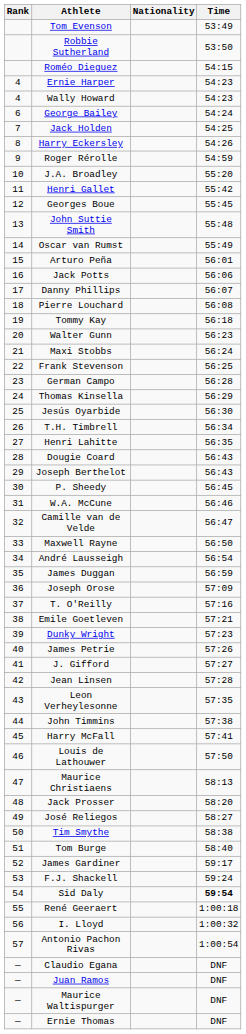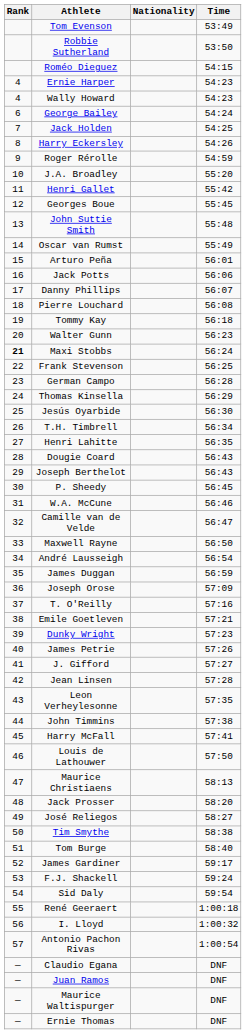 <table class="wikitable sortable" style=" text-align:center; font-size:95%;" width="50%">
 <tr>
 <th>Rank</th>
 <th>Athlete</th>
 <th>Nationality</th>
 <th>Time</th>
 </tr>
 <tr>
 <td align=center></td>
 <td><a href='#'>Tom Evenson</a></td>
 <td></td>
 <td>53:49</td>
 </tr>
 <tr>
 <td align=center></td>
 <td><a href='#'>Robbie Sutherland</a></td>
 <td></td>
 <td>53:50</td>
 </tr>
 <tr>
 <td align=center></td>
 <td><a href='#'>Roméo Dieguez</a></td>
 <td></td>
 <td>54:15</td>
 </tr>
 <tr>
 <td align=center>4</td>
 <td><a href='#'>Ernie Harper</a></td>
 <td></td>
 <td>54:23</td>
 </tr>
 <tr>
 <td align=center>4</td>
 <td>Wally Howard</td>
 <td></td>
 <td>54:23</td>
 </tr>
 <tr>
 <td align=center>6</td>
 <td><a href='#'>George Bailey</a></td>
 <td></td>
 <td>54:24</td>
 </tr>
 <tr>
 <td align=center>7</td>
 <td><a href='#'>Jack Holden</a></td>
 <td></td>
 <td>54:25</td>
 </tr>
 <tr>
 <td align=center>8</td>
 <td><a href='#'>Harry Eckersley</a></td>
 <td></td>
 <td>54:26</td>
 </tr>
 <tr>
 <td align=center>9</td>
 <td>Roger Rérolle</td>
 <td></td>
 <td>54:59</td>
 </tr>
 <tr>
 <td align=center>10</td>
 <td>J.A. Broadley</td>
 <td></td>
 <td>55:20</td>
 </tr>
 <tr>
 <td align=center>11</td>
 <td><a href='#'>Henri Gallet</a></td>
 <td></td>
 <td>55:42</td>
 </tr>
 <tr>
 <td align=center>12</td>
 <td>Georges Boue</td>
 <td></td>
 <td>55:45</td>
 </tr>
 <tr>
 <td align=center>13</td>
 <td><a href='#'>John Suttie Smith</a></td>
 <td></td>
 <td>55:48</td>
 </tr>
 <tr>
 <td align=center>14</td>
 <td>Oscar van Rumst</td>
 <td></td>
 <td>55:49</td>
 </tr>
 <tr>
 <td align=center>15</td>
 <td>Arturo Peña</td>
 <td></td>
 <td>56:01</td>
 </tr>
 <tr>
 <td align=center>16</td>
 <td>Jack Potts</td>
 <td></td>
 <td>56:06</td>
 </tr>
 <tr>
 <td align=center>17</td>
 <td>Danny Phillips</td>
 <td></td>
 <td>56:07</td>
 </tr>
 <tr>
 <td align=center>18</td>
 <td>Pierre Louchard</td>
 <td></td>
 <td>56:08</td>
 </tr>
 <tr>
 <td align=center>19</td>
 <td>Tommy Kay</td>
 <td></td>
 <td>56:18</td>
 </tr>
 <tr>
 <td align=center>20</td>
 <td>Walter Gunn</td>
 <td></td>
 <td>56:23</td>
 </tr>
 <tr>
-<td align=center>21</td>
+<td align=center><strong>21</strong></td>
 <td>Maxi Stobbs</td>
 <td></td>
 <td>56:24</td>
 </tr>
 <tr>
 <td align=center>22</td>
 <td>Frank Stevenson</td>
 <td></td>
 <td>56:25</td>
 </tr>
 <tr>
 <td align=center>23</td>
 <td>German Campo</td>
 <td></td>
 <td>56:28</td>
 </tr>
 <tr>
 <td align=center>24</td>
 <td>Thomas Kinsella</td>
 <td></td>
 <td>56:29</td>
 </tr>
 <tr>
 <td align=center>25</td>
 <td>Jesús Oyarbide</td>
 <td></td>
 <td>56:30</td>
 </tr>
 <tr>
 <td align=center>26</td>
 <td>T.H. Timbrell</td>
 <td></td>
 <td>56:34</td>
 </tr>
 <tr>
 <td align=center>27</td>
 <td>Henri Lahitte</td>
 <td></td>
 <td>56:35</td>
 </tr>
 <tr>
 <td align=center>28</td>
 <td>Dougie Coard</td>
 <td></td>
 <td>56:43</td>
 </tr>
 <tr>
 <td align=center>29</td>
 <td>Joseph Berthelot</td>
 <td></td>
 <td>56:43</td>
 </tr>
 <tr>
 <td align=center>30</td>
 <td>P. Sheedy</td>
 <td></td>
 <td>56:45</td>
 </tr>
 <tr>
 <td align=center>31</td>
 <td>W.A. McCune</td>
 <td></td>
 <td>56:46</td>
 </tr>
 <tr>
 <td align=center>32</td>
 <td>Camille van de Velde</td>
 <td></td>
 <td>56:47</td>
 </tr>
 <tr>
 <td align=center>33</td>
 <td>Maxwell Rayne</td>
 <td></td>
 <td>56:50</td>
 </tr>
 <tr>
 <td align=center>34</td>
 <td>André Lausseigh</td>
 <td></td>
 <td>56:54</td>
 </tr>
 <tr>
 <td align=center>35</td>
 <td>James Duggan</td>
 <td></td>
 <td>56:59</td>
 </tr>
 <tr>
 <td align=center>36</td>
 <td>Joseph Orose</td>
 <td></td>
 <td>57:09</td>
 </tr>
 <tr>
 <td align=center>37</td>
 <td>T. O'Reilly</td>
 <td></td>
 <td>57:16</td>
 </tr>
 <tr>
 <td align=center>38</td>
 <td>Emile Goetleven</td>
 <td></td>
 <td>57:21</td>
 </tr>
 <tr>
 <td align=center>39</td>
 <td><a href='#'>Dunky Wright</a></td>
 <td></td>
 <td>57:23</td>
 </tr>
 <tr>
 <td align=center>40</td>
 <td>James Petrie</td>
 <td></td>
 <td>57:26</td>
 </tr>
 <tr>
 <td align=center>41</td>
 <td>J. Gifford</td>
 <td></td>
 <td>57:27</td>
 </tr>
 <tr>
 <td align=center>42</td>
 <td>Jean Linsen</td>
 <td></td>
 <td>57:28</td>
 </tr>
 <tr>
 <td align=center>43</td>
 <td>Leon Verheylesonne</td>
 <td></td>
 <td>57:35</td>
 </tr>
 <tr>
 <td align=center>44</td>
 <td>John Timmins</td>
 <td></td>
 <td>57:38</td>
 </tr>
 <tr>
 <td align=center>45</td>
 <td>Harry McFall</td>
 <td></td>
 <td>57:41</td>
 </tr>
 <tr>
 <td align=center>46</td>
 <td>Louis de Lathouwer</td>
 <td></td>
 <td>57:50</td>
 </tr>
 <tr>
 <td align=center>47</td>
 <td>Maurice Christiaens</td>
 <td></td>
 <td>58:13</td>
 </tr>
 <tr>
 <td align=center>48</td>
 <td>Jack Prosser</td>
 <td></td>
 <td>58:20</td>
 </tr>
 <tr>
 <td align=center>49</td>
 <td>José Reliegos</td>
 <td></td>
 <td>58:27</td>
 </tr>
 <tr>
 <td align=center>50</td>
 <td><a href='#'>Tim Smythe</a></td>
 <td></td>
 <td>58:38</td>
 </tr>
 <tr>
 <td align=center>51</td>
 <td>Tom Burge</td>
 <td></td>
 <td>58:40</td>
 </tr>
 <tr>
 <td align=center>52</td>
 <td>James Gardiner</td>
 <td></td>
 <td>59:17</td>
 </tr>
 <tr>
 <td align=center>53</td>
 <td>F.J. Shackell</td>
 <td></td>
 <td>59:24</td>
 </tr>
 <tr>
 <td align=center>54</td>
 <td>Sid Daly</td>
 <td></td>
-<td><strong>59:54</strong></td>
+<td>59:54</td>
 </tr>
 <tr>
 <td align=center>55</td>
 <td>René Geeraert</td>
 <td></td>
 <td>1:00:18</td>
 </tr>
 <tr>
 <td align=center>56</td>
 <td>I. Lloyd</td>
 <td></td>
 <td>1:00:32</td>
 </tr>
 <tr>
 <td align=center>57</td>
 <td>Antonio Pachon Rivas</td>
 <td></td>
 <td>1:00:54</td>
 </tr>
 <tr>
 <td align=center>—</td>
 <td>Claudio Egana</td>
 <td></td>
 <td>DNF</td>
 </tr>
 <tr>
 <td align=center>—</td>
 <td><a href='#'>Juan Ramos</a></td>
 <td></td>
 <td>DNF</td>
 </tr>
 <tr>
 <td align=center>—</td>
 <td>Maurice Waltispurger</td>
 <td></td>
 <td>DNF</td>
 </tr>
 <tr>
 <td align=center>—</td>
 <td>Ernie Thomas</td>
 <td></td>
 <td>DNF</td>
 </tr>
 </table>
